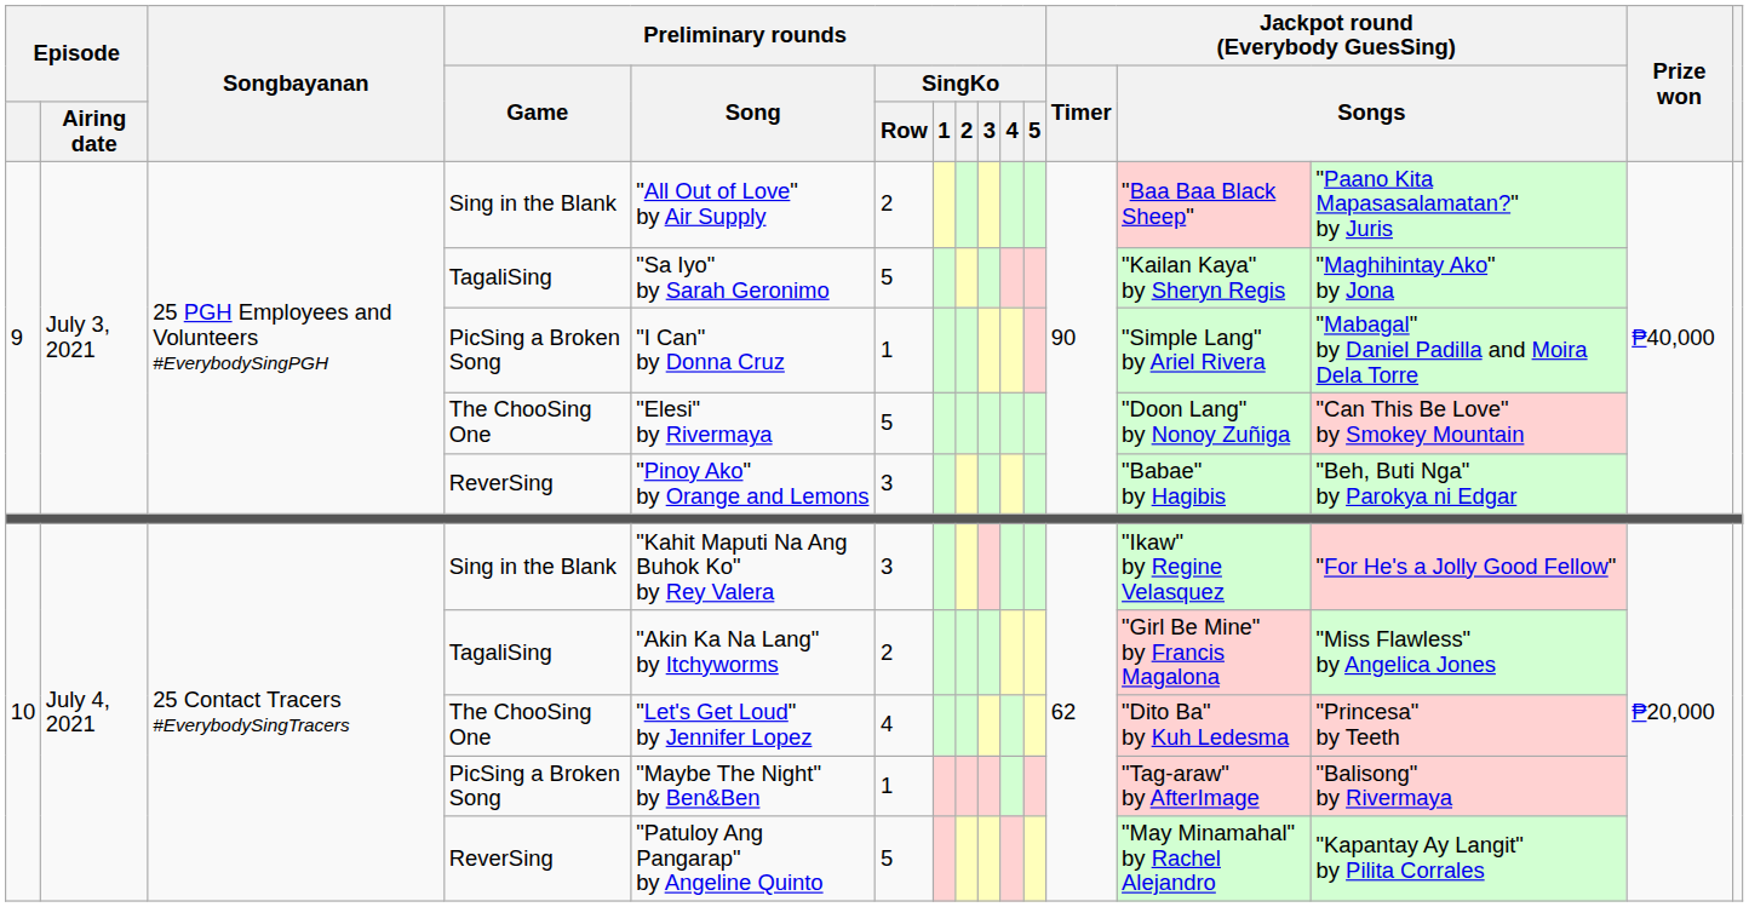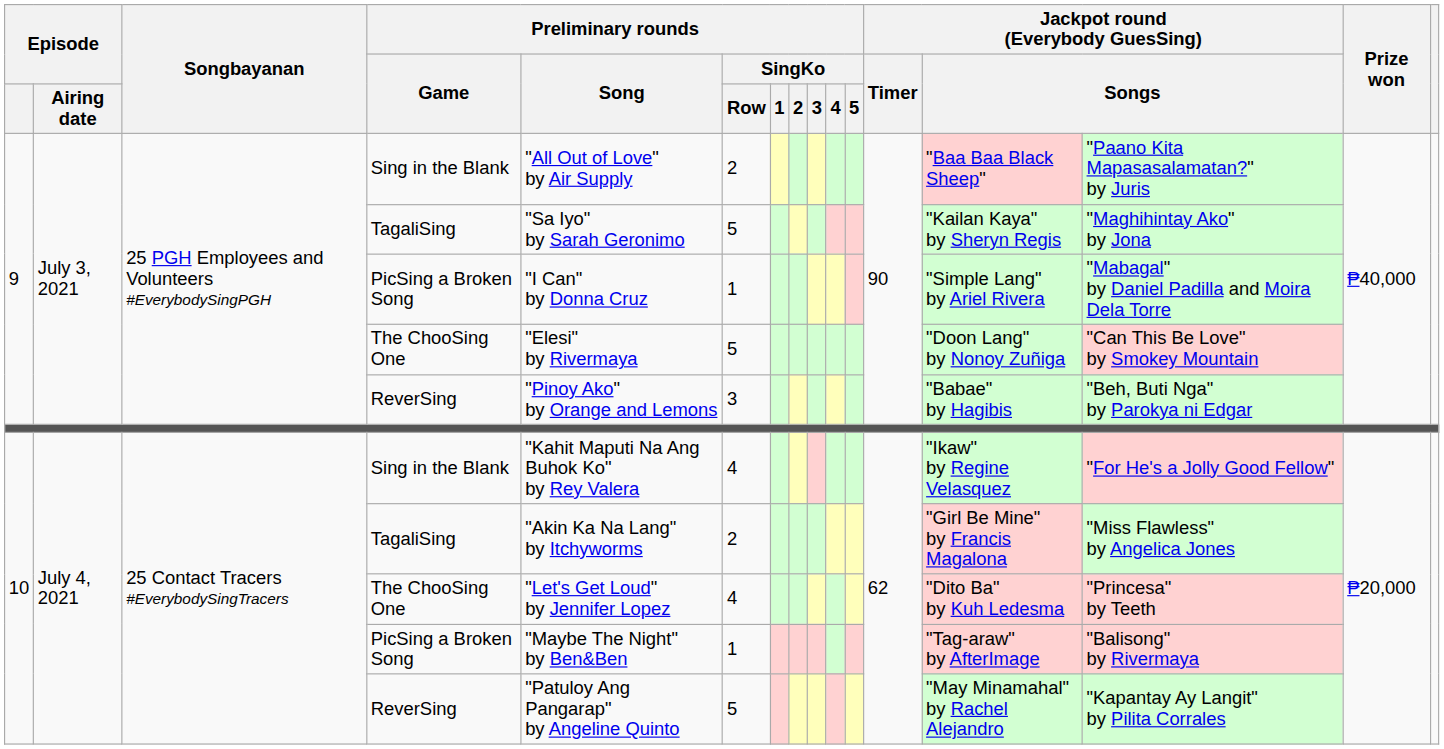 <table class="wikitable plainrowheaders mw-collapsible ">
 <tr>
 <th colspan="2" rowspan="2">Episode</th>
 <th rowspan="3">Songbayanan</th>
 <th colspan="8">Preliminary rounds</th>
 <th colspan="3">Jackpot round<br>(Everybody GuesSing)</th>
 <th rowspan="3">Prize won</th>
 <th rowspan="3"></th>
 </tr>
 <tr>
 <th rowspan="2">Game</th>
 <th rowspan="2">Song</th>
 <th colspan="6">SingKo</th>
 <th rowspan="2">Timer</th>
 <th colspan="2" rowspan="2">Songs</th>
 </tr>
 <tr>
 <th></th>
 <th>Airing date</th>
 <th>Row</th>
 <th>1</th>
 <th>2</th>
 <th>3</th>
 <th>4</th>
 <th>5</th>
 </tr>
 <tr>
 <td rowspan="5">9</td>
 <td rowspan="5">July 3, 2021</td>
 <td rowspan="5">25 <a href='#'>PGH</a> Employees and Volunteers<br><em><small>#EverybodySingPGH</small></em></td>
 <td>Sing in the Blank</td>
 <td>"<a href='#'>All Out of Love</a>"<br>by <a href='#'>Air Supply</a></td>
 <td>2</td>
 <td style="background:#FFB"></td>
 <td style="background:#D2FFD2"></td>
 <td style="background:#FFB"></td>
 <td style="background:#D2FFD2"></td>
 <td style="background:#D2FFD2"></td>
 <td rowspan="5">90 </td>
 <td style="background:#FFD2D2">"<a href='#'>Baa Baa Black Sheep</a>"</td>
 <td style="background:#D2FFD2">"<a href='#'>Paano Kita Mapasasalamatan?</a>"<br>by <a href='#'>Juris</a></td>
 <td rowspan="5"><a href='#'>₱</a>40,000</td>
 <td rowspan="5"><br></td>
 </tr>
 <tr>
 <td>TagaliSing</td>
 <td>"Sa Iyo"<br>by <a href='#'>Sarah Geronimo</a></td>
 <td>5</td>
 <td style="background:#D2FFD2"></td>
 <td style="background:#FFB"></td>
 <td style="background:#D2FFD2"></td>
 <td style="background:#FFD2D2"></td>
 <td style="background:#FFD2D2"></td>
 <td style="background:#D2FFD2">"Kailan Kaya"<br>by <a href='#'>Sheryn Regis</a></td>
 <td style="background:#D2FFD2">"<a href='#'>Maghihintay Ako</a>"<br>by <a href='#'>Jona</a></td>
 </tr>
 <tr>
 <td>PicSing a Broken Song</td>
 <td>"I Can"<br>by <a href='#'>Donna Cruz</a></td>
 <td>1</td>
 <td style="background:#D2FFD2"></td>
 <td style="background:#D2FFD2"></td>
 <td style="background:#FFB"></td>
 <td style="background:#FFB"></td>
 <td style="background:#FFD2D2"></td>
 <td style="background:#D2FFD2">"Simple Lang"<br>by <a href='#'>Ariel Rivera</a></td>
 <td style="background:#D2FFD2">"<a href='#'>Mabagal</a>"<br>by <a href='#'>Daniel Padilla</a> and <a href='#'>Moira Dela Torre</a></td>
 </tr>
 <tr>
 <td>The ChooSing One</td>
 <td>"Elesi"<br>by <a href='#'>Rivermaya</a></td>
 <td>5</td>
 <td style="background:#D2FFD2"></td>
 <td style="background:#D2FFD2"></td>
 <td style="background:#D2FFD2"></td>
 <td style="background:#D2FFD2"></td>
 <td style="background:#D2FFD2"></td>
 <td style="background:#D2FFD2">"Doon Lang"<br>by <a href='#'>Nonoy Zuñiga</a></td>
 <td style="background:#FFD2D2">"Can This Be Love"<br>by <a href='#'>Smokey Mountain</a></td>
 </tr>
 <tr>
 <td>ReverSing</td>
 <td>"<a href='#'>Pinoy Ako</a>"<br>by <a href='#'>Orange and Lemons</a></td>
 <td>3</td>
 <td style="background:#D2FFD2"></td>
 <td style="background:#FFB"></td>
 <td style="background:#D2FFD2"></td>
 <td style="background:#FFB"></td>
 <td style="background:#D2FFD2"></td>
 <td style="background:#D2FFD2">"Babae"<br>by <a href='#'>Hagibis</a></td>
 <td style="background:#D2FFD2">"Beh, Buti Nga"<br>by <a href='#'>Parokya ni Edgar</a></td>
 </tr>
 <tr>
 <th colspan="16" style="background:#555"></th>
 </tr>
 <tr>
 <td rowspan="5">10</td>
 <td rowspan="5">July 4, 2021</td>
 <td rowspan="5">25 Contact Tracers<br><em><small>#EverybodySingTracers</small></em></td>
 <td>Sing in the Blank</td>
 <td>"Kahit Maputi Na Ang Buhok Ko"<br>by <a href='#'>Rey Valera</a></td>
-<td>3</td>
+<td>4</td>
 <td style="background:#D2FFD2"></td>
 <td style="background:#FFB"></td>
 <td style="background:#FFD2D2"></td>
 <td style="background:#D2FFD2"></td>
 <td style="background:#D2FFD2"></td>
 <td rowspan="5">62 </td>
 <td style="background:#D2FFD2">"Ikaw"<br>by <a href='#'>Regine Velasquez</a></td>
 <td style="background:#FFD2D2">"<a href='#'>For He's a Jolly Good Fellow</a>"</td>
 <td rowspan="5"><a href='#'>₱</a>20,000</td>
 <td rowspan="5"><br></td>
 </tr>
 <tr>
 <td>TagaliSing</td>
 <td>"Akin Ka Na Lang"<br>by <a href='#'>Itchyworms</a></td>
 <td>2</td>
 <td style="background:#D2FFD2"></td>
 <td style="background:#D2FFD2"></td>
 <td style="background:#D2FFD2"></td>
 <td style="background:#FFB"></td>
 <td style="background:#FFB"></td>
 <td style="background:#FFD2D2">"Girl Be Mine"<br>by <a href='#'>Francis Magalona</a></td>
 <td style="background:#D2FFD2">"Miss Flawless"<br>by <a href='#'>Angelica Jones</a></td>
 </tr>
 <tr>
 <td>The ChooSing One</td>
 <td>"<a href='#'>Let's Get Loud</a>"<br>by <a href='#'>Jennifer Lopez</a></td>
 <td>4</td>
 <td style="background:#D2FFD2"></td>
 <td style="background:#D2FFD2"></td>
 <td style="background:#FFB"></td>
 <td style="background:#D2FFD2"></td>
 <td style="background:#FFB"></td>
 <td style="background:#FFD2D2">"Dito Ba"<br>by <a href='#'>Kuh Ledesma</a></td>
 <td style="background:#FFD2D2">"Princesa"<br>by Teeth</td>
 </tr>
 <tr>
 <td>PicSing a Broken Song</td>
 <td>"Maybe The Night"<br>by <a href='#'>Ben&Ben</a></td>
 <td>1</td>
 <td style="background:#FFD2D2"></td>
 <td style="background:#FFD2D2"></td>
 <td style="background:#FFD2D2"></td>
 <td style="background:#D2FFD2"></td>
 <td style="background:#FFD2D2"></td>
 <td style="background:#FFD2D2">"Tag-araw"<br>by <a href='#'>AfterImage</a></td>
 <td style="background:#FFD2D2">"Balisong"<br>by <a href='#'>Rivermaya</a></td>
 </tr>
 <tr>
 <td>ReverSing</td>
 <td>"Patuloy Ang Pangarap"<br>by <a href='#'>Angeline Quinto</a></td>
 <td>5</td>
 <td style="background:#FFD2D2"></td>
 <td style="background:#FFB"></td>
 <td style="background:#FFB"></td>
 <td style="background:#FFD2D2"></td>
 <td style="background:#FFB"></td>
 <td style="background:#D2FFD2">"May Minamahal"<br>by <a href='#'>Rachel Alejandro</a></td>
 <td style="background:#D2FFD2">"Kapantay Ay Langit"<br>by <a href='#'>Pilita Corrales</a></td>
 </tr>
 </table>
